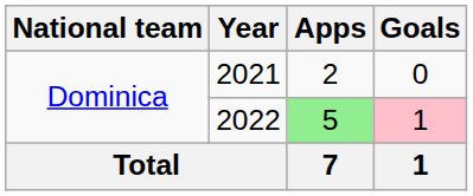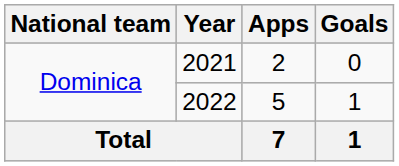 <table class="wikitable" style="text-align:center">
 <tr>
 <th>National team</th>
 <th>Year</th>
 <th>Apps</th>
 <th>Goals</th>
 </tr>
 <tr>
 <td rowspan="2"><a href='#'>Dominica</a></td>
 <td>2021</td>
 <td>2</td>
 <td>0</td>
 </tr>
 <tr>
 <td>2022</td>
-<td style="background: lightgreen;">5</td>
-<td style="background: pink;">1</td>
+<td>5</td>
+<td>1</td>
 </tr>
 <tr>
 <th colspan=2>Total</th>
 <th>7</th>
 <th>1</th>
 </tr>
 </table>
